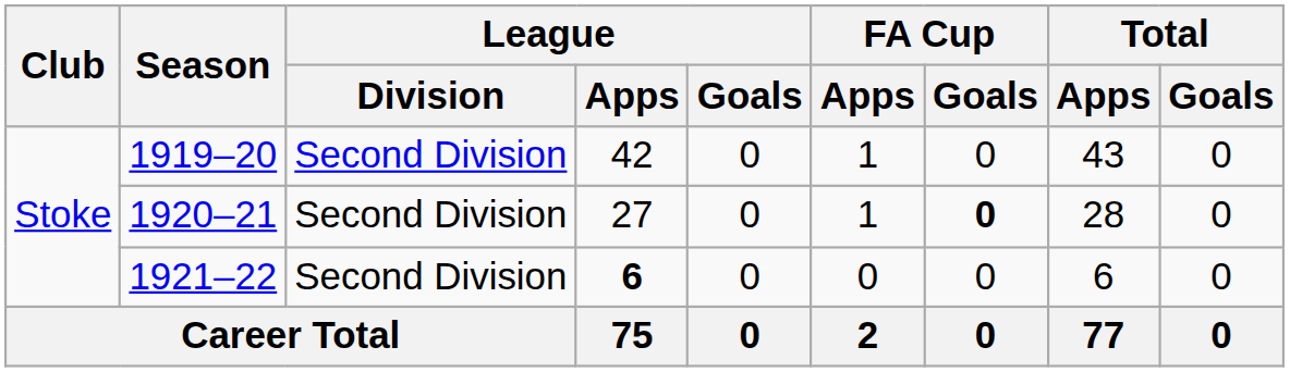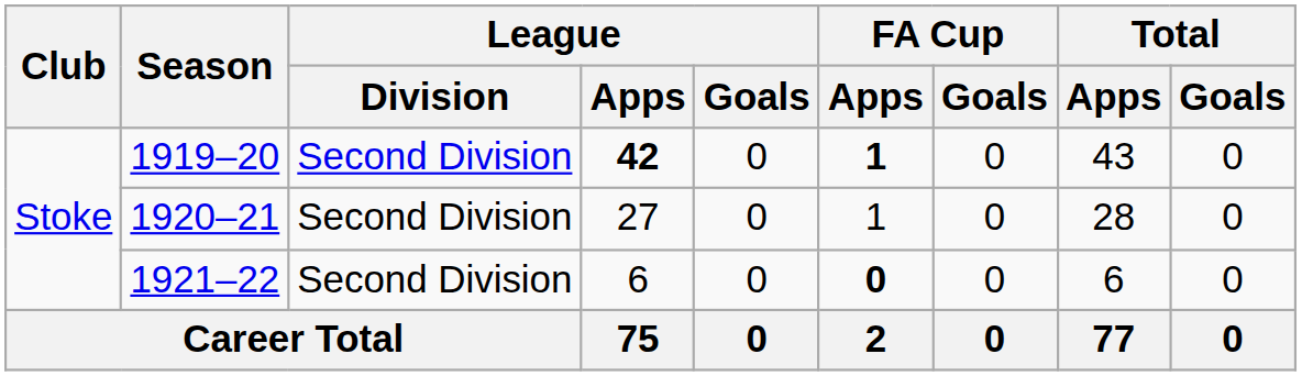 <table class="wikitable" style="text-align: center;">
 <tr>
 <th rowspan="2">Club</th>
 <th rowspan="2">Season</th>
 <th colspan="3">League</th>
 <th colspan="2">FA Cup</th>
 <th colspan="2">Total</th>
 </tr>
 <tr>
 <th>Division</th>
 <th>Apps</th>
 <th>Goals</th>
 <th>Apps</th>
 <th>Goals</th>
 <th>Apps</th>
 <th>Goals</th>
 </tr>
 <tr>
 <td rowspan="3"><a href='#'>Stoke</a></td>
 <td><a href='#'>1919–20</a></td>
 <td><a href='#'>Second Division</a></td>
-<td>42</td>
+<td><strong>42</strong></td>
 <td>0</td>
-<td>1</td>
+<td><strong>1</strong></td>
 <td>0</td>
 <td>43</td>
 <td>0</td>
 </tr>
 <tr>
 <td><a href='#'>1920–21</a></td>
 <td>Second Division</td>
 <td>27</td>
 <td>0</td>
 <td>1</td>
-<td><strong>0</strong></td>
+<td>0</td>
 <td>28</td>
 <td>0</td>
 </tr>
 <tr>
 <td><a href='#'>1921–22</a></td>
 <td>Second Division</td>
-<td><strong>6</strong></td>
+<td>6</td>
 <td>0</td>
-<td>0</td>
+<td><strong>0</strong></td>
 <td>0</td>
 <td>6</td>
 <td>0</td>
 </tr>
 <tr>
 <th colspan="3">Career Total</th>
 <th>75</th>
 <th>0</th>
 <th>2</th>
 <th>0</th>
 <th>77</th>
 <th>0</th>
 </tr>
 </table>
